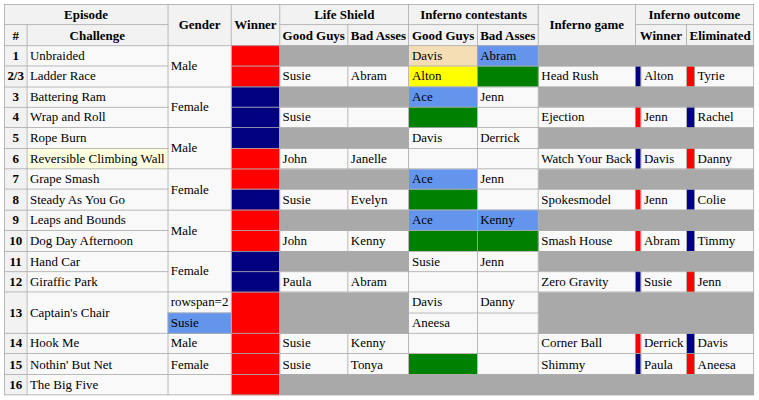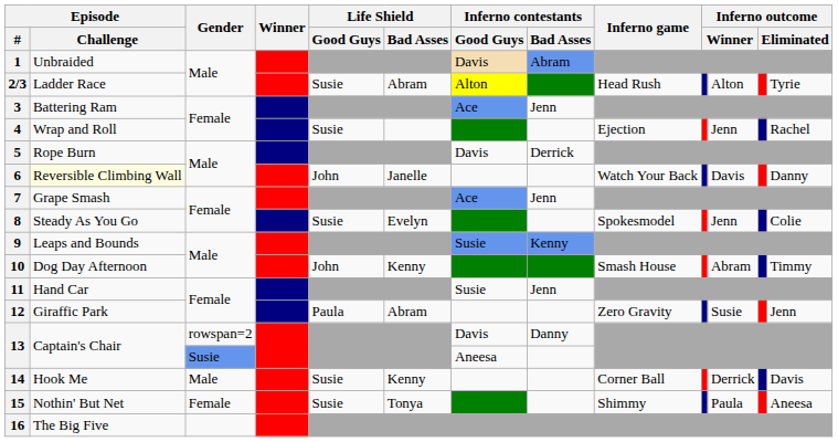 <table class="wikitable" style="font-size:100%; white-space:nowrap">
 <tr>
 <th colspan=2>Episode</th>
 <th rowspan=2>Gender</th>
 <th rowspan=2>Winner</th>
 <th colspan=2>Life Shield</th>
 <th colspan=2>Inferno contestants</th>
 <th rowspan=2 colspan=2>Inferno game</th>
 <th colspan=4>Inferno outcome</th>
 </tr>
 <tr>
 <th>#</th>
 <th>Challenge</th>
 <th>Good Guys</th>
 <th>Bad Asses</th>
 <th>Good Guys</th>
 <th>Bad Asses</th>
 <th colspan=2>Winner</th>
 <th colspan=2>Eliminated</th>
 </tr>
 <tr>
 <th>1</th>
 <td>Unbraided</td>
 <td rowspan=2>Male</td>
 <td bgcolor="red"></td>
 <td colspan=2 bgcolor="darkgray"></td>
 <td bgcolor="wheat">Davis</td>
 <td bgcolor="cornflowerblue">Abram</td>
 <td colspan=6 bgcolor="darkgray"></td>
 </tr>
 <tr>
 <th>2/3</th>
 <td>Ladder Race</td>
 <td bgcolor="red"></td>
 <td>Susie</td>
 <td>Abram</td>
 <td bgcolor="yellow">Alton</td>
 <td bgcolor="green"></td>
 <td colspan=2>Head Rush</td>
 <td bgcolor="navy"></td>
 <td>Alton</td>
 <td bgcolor="red"></td>
 <td>Tyrie</td>
 </tr>
 <tr>
 <th>3</th>
 <td>Battering Ram</td>
 <td rowspan=2>Female</td>
 <td bgcolor="navy"></td>
 <td colspan=2 bgcolor="darkgray"></td>
 <td bgcolor="cornflowerblue">Ace</td>
 <td>Jenn</td>
 <td colspan=6 bgcolor="darkgray"></td>
 </tr>
 <tr>
 <th>4</th>
 <td>Wrap and Roll</td>
 <td bgcolor="navy"></td>
 <td>Susie</td>
 <td></td>
 <td bgcolor="green"></td>
 <td></td>
 <td colspan=2>Ejection</td>
 <td bgcolor="red"></td>
 <td>Jenn</td>
 <td bgcolor="navy"></td>
 <td>Rachel</td>
 </tr>
 <tr>
 <th>5</th>
 <td>Rope Burn</td>
 <td rowspan=2>Male</td>
 <td bgcolor="navy"></td>
 <td colspan=2 bgcolor="darkgray"></td>
 <td>Davis</td>
 <td>Derrick</td>
 <td colspan=6 bgcolor="darkgray"></td>
 </tr>
 <tr>
 <th>6</th>
 <td nowrap style="background: lightyellow;">Reversible Climbing Wall</td>
 <td bgcolor="red"></td>
 <td>John</td>
 <td>Janelle</td>
 <td></td>
 <td></td>
 <td colspan=2 nowrap>Watch Your Back</td>
 <td bgcolor="navy"></td>
 <td>Davis</td>
 <td bgcolor="red"></td>
 <td>Danny</td>
 </tr>
 <tr>
 <th>7</th>
 <td>Grape Smash</td>
 <td rowspan=2>Female</td>
 <td bgcolor="red"></td>
 <td colspan=2 bgcolor="darkgray"></td>
 <td bgcolor="cornflowerblue">Ace</td>
 <td>Jenn</td>
 <td colspan=6 bgcolor="darkgray"></td>
 </tr>
 <tr>
 <th>8</th>
 <td>Steady As You Go</td>
 <td bgcolor="navy"></td>
 <td>Susie</td>
 <td>Evelyn</td>
 <td bgcolor="green"></td>
 <td></td>
 <td colspan=2>Spokesmodel</td>
 <td bgcolor="red"></td>
 <td>Jenn</td>
 <td bgcolor="navy"></td>
 <td>Colie</td>
 </tr>
 <tr>
 <th>9</th>
 <td>Leaps and Bounds</td>
 <td rowspan=2>Male</td>
 <td bgcolor="red"></td>
 <td colspan=2 bgcolor="darkgray"></td>
-<td bgcolor="cornflowerblue">Ace</td>
+<td bgcolor="cornflowerblue">Susie</td>
 <td bgcolor="cornflowerblue">Kenny</td>
 <td colspan=6 bgcolor="darkgray"></td>
 </tr>
 <tr>
 <th>10</th>
 <td>Dog Day Afternoon</td>
 <td bgcolor="red"></td>
 <td>John</td>
 <td>Kenny</td>
 <td bgcolor="green"></td>
 <td bgcolor="green"></td>
 <td colspan=2>Smash House</td>
 <td bgcolor="red"></td>
 <td>Abram</td>
 <td bgcolor="navy"></td>
 <td>Timmy</td>
 </tr>
 <tr>
 <th>11</th>
 <td>Hand Car</td>
 <td rowspan=2>Female</td>
 <td bgcolor="navy"></td>
 <td colspan=2 bgcolor="darkgray"></td>
 <td>Susie</td>
 <td>Jenn</td>
 <td colspan=6 bgcolor="darkgray"></td>
 </tr>
 <tr>
 <th>12</th>
 <td>Giraffic Park</td>
 <td bgcolor="navy"></td>
 <td>Paula</td>
 <td>Abram</td>
 <td></td>
 <td></td>
 <td colspan=2>Zero Gravity</td>
 <td bgcolor="navy"></td>
 <td>Susie</td>
 <td bgcolor="red"></td>
 <td>Jenn</td>
 </tr>
 <tr>
 <th rowspan=2>13</th>
 <td rowspan=2>Captain's Chair</td>
 <td>rowspan=2 </td>
 <td rowspan=2 bgcolor="red"></td>
 <td rowspan=2 colspan=2 bgcolor="darkgray"></td>
 <td>Davis</td>
 <td>Danny</td>
 <td rowspan=2 colspan=6 bgcolor="darkgray"></td>
 </tr>
 <tr>
 <td bgcolor="cornflowerblue">Susie</td>
 <td>Aneesa</td>
 </tr>
 <tr>
 <th>14</th>
 <td>Hook Me</td>
 <td>Male</td>
 <td bgcolor="red"></td>
 <td>Susie</td>
 <td>Kenny</td>
 <td></td>
 <td></td>
 <td colspan=2>Corner Ball</td>
 <td bgcolor="red"></td>
 <td>Derrick</td>
 <td bgcolor="navy"></td>
 <td>Davis</td>
 </tr>
 <tr>
 <th>15</th>
 <td>Nothin' But Net</td>
 <td>Female</td>
 <td bgcolor="red"></td>
 <td>Susie</td>
 <td>Tonya</td>
 <td bgcolor="green"></td>
 <td></td>
 <td colspan=2>Shimmy</td>
 <td bgcolor="navy"></td>
 <td>Paula</td>
 <td bgcolor="red"></td>
 <td>Aneesa</td>
 </tr>
 <tr>
 <th>16</th>
 <td>The Big Five</td>
 <td></td>
 <td bgcolor="red"><strong></strong></td>
 <td colspan=11 bgcolor="darkgray"></td>
 </tr>
 </table>
